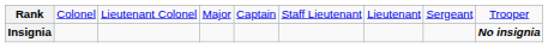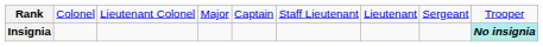 <table class="wikitable">
 <tr style="text-align:center;">
 <th>Rank</th>
 <td><a href='#'>Colonel</a></td>
 <td><a href='#'>Lieutenant Colonel</a></td>
 <td><a href='#'>Major</a></td>
 <td><a href='#'>Captain</a></td>
 <td><a href='#'>Staff Lieutenant</a></td>
 <td><a href='#'>Lieutenant</a></td>
 <td><a href='#'>Sergeant</a></td>
 <td><a href='#'>Trooper</a></td>
 </tr>
 <tr style="text-align:center;">
 <th>Insignia</th>
 <td></td>
 <td></td>
 <td></td>
 <td></td>
 <td></td>
 <td></td>
 <td></td>
-<td><strong><em>No insignia</em></strong></td>
+<td style="background: paleturquoise;"><strong><em>No insignia</em></strong></td>
 </tr>
 </table>
